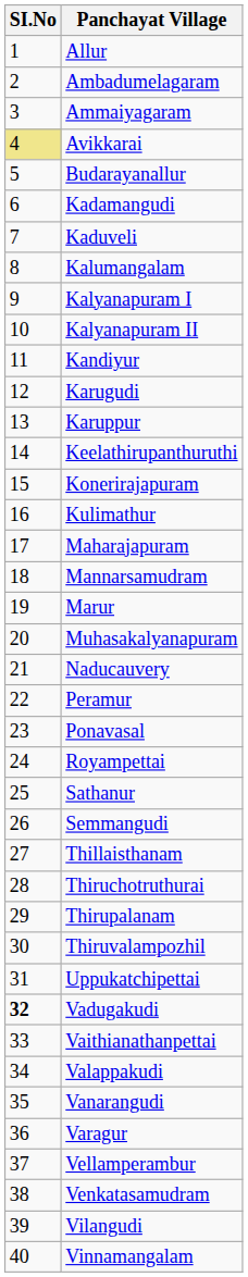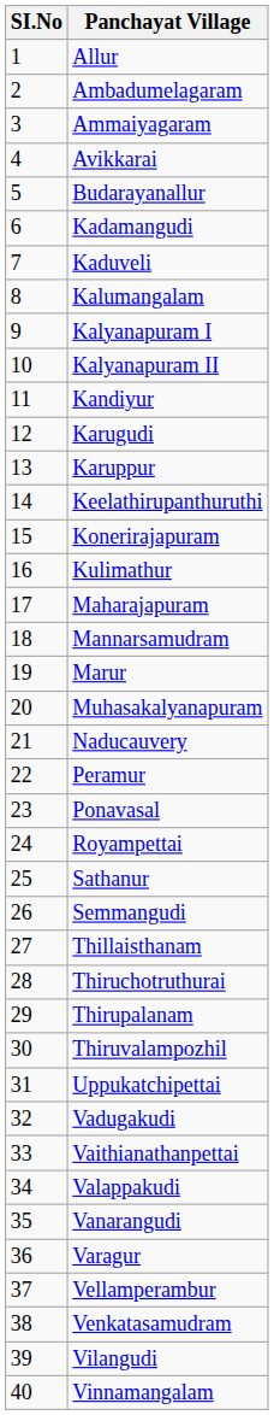 <table class="wikitable sortable">
 <tr>
 <th>SI.No</th>
 <th>Panchayat Village</th>
 </tr>
 <tr>
 <td>1</td>
 <td><a href='#'>Allur</a></td>
 </tr>
 <tr>
 <td>2</td>
 <td><a href='#'>Ambadumelagaram</a></td>
 </tr>
 <tr>
 <td>3</td>
 <td><a href='#'>Ammaiyagaram</a></td>
 </tr>
 <tr>
-<td style="background: khaki;">4</td>
+<td>4</td>
 <td><a href='#'>Avikkarai</a></td>
 </tr>
 <tr>
 <td>5</td>
 <td><a href='#'>Budarayanallur</a></td>
 </tr>
 <tr>
 <td>6</td>
 <td><a href='#'>Kadamangudi</a></td>
 </tr>
 <tr>
 <td>7</td>
 <td><a href='#'>Kaduveli</a></td>
 </tr>
 <tr>
 <td>8</td>
 <td><a href='#'>Kalumangalam</a></td>
 </tr>
 <tr>
 <td>9</td>
 <td><a href='#'>Kalyanapuram I</a></td>
 </tr>
 <tr>
 <td>10</td>
 <td><a href='#'>Kalyanapuram II</a></td>
 </tr>
 <tr>
 <td>11</td>
 <td><a href='#'>Kandiyur</a></td>
 </tr>
 <tr>
 <td>12</td>
 <td><a href='#'>Karugudi</a></td>
 </tr>
 <tr>
 <td>13</td>
 <td><a href='#'>Karuppur</a></td>
 </tr>
 <tr>
 <td>14</td>
 <td><a href='#'>Keelathirupanthuruthi</a></td>
 </tr>
 <tr>
 <td>15</td>
 <td><a href='#'>Konerirajapuram</a></td>
 </tr>
 <tr>
 <td>16</td>
 <td><a href='#'>Kulimathur</a></td>
 </tr>
 <tr>
 <td>17</td>
 <td><a href='#'>Maharajapuram</a></td>
 </tr>
 <tr>
 <td>18</td>
 <td><a href='#'>Mannarsamudram</a></td>
 </tr>
 <tr>
 <td>19</td>
 <td><a href='#'>Marur</a></td>
 </tr>
 <tr>
 <td>20</td>
 <td><a href='#'>Muhasakalyanapuram</a></td>
 </tr>
 <tr>
 <td>21</td>
 <td><a href='#'>Naducauvery</a></td>
 </tr>
 <tr>
 <td>22</td>
 <td><a href='#'>Peramur</a></td>
 </tr>
 <tr>
 <td>23</td>
 <td><a href='#'>Ponavasal</a></td>
 </tr>
 <tr>
 <td>24</td>
 <td><a href='#'>Royampettai</a></td>
 </tr>
 <tr>
 <td>25</td>
 <td><a href='#'>Sathanur</a></td>
 </tr>
 <tr>
 <td>26</td>
 <td><a href='#'>Semmangudi</a></td>
 </tr>
 <tr>
 <td>27</td>
 <td><a href='#'>Thillaisthanam</a></td>
 </tr>
 <tr>
 <td>28</td>
 <td><a href='#'>Thiruchotruthurai</a></td>
 </tr>
 <tr>
 <td>29</td>
 <td><a href='#'>Thirupalanam</a></td>
 </tr>
 <tr>
 <td>30</td>
 <td><a href='#'>Thiruvalampozhil</a></td>
 </tr>
 <tr>
 <td>31</td>
 <td><a href='#'>Uppukatchipettai</a></td>
 </tr>
 <tr>
-<td><strong>32</strong></td>
+<td>32</td>
 <td><a href='#'>Vadugakudi</a></td>
 </tr>
 <tr>
 <td>33</td>
 <td><a href='#'>Vaithianathanpettai</a></td>
 </tr>
 <tr>
 <td>34</td>
 <td><a href='#'>Valappakudi</a></td>
 </tr>
 <tr>
 <td>35</td>
 <td><a href='#'>Vanarangudi</a></td>
 </tr>
 <tr>
 <td>36</td>
 <td><a href='#'>Varagur</a></td>
 </tr>
 <tr>
 <td>37</td>
 <td><a href='#'>Vellamperambur</a></td>
 </tr>
 <tr>
 <td>38</td>
 <td><a href='#'>Venkatasamudram</a></td>
 </tr>
 <tr>
 <td>39</td>
 <td><a href='#'>Vilangudi</a></td>
 </tr>
 <tr>
 <td>40</td>
 <td><a href='#'>Vinnamangalam</a></td>
 </tr>
 </table>
